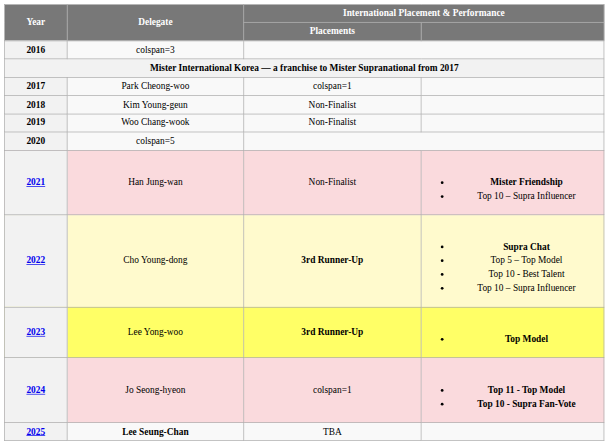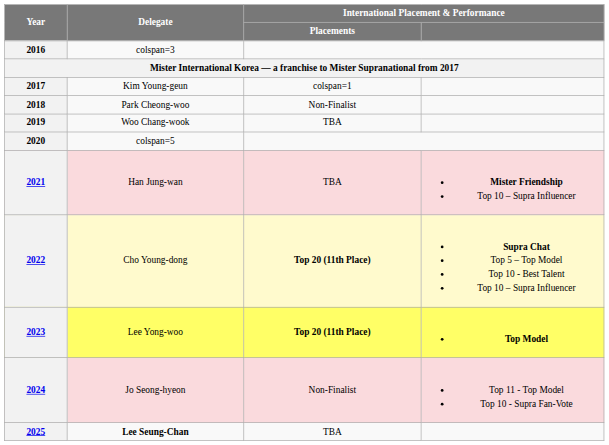 <table class="wikitable" style="text-align:center; line-height:20px; font-size:85%;">
 <tr>
 <th rowspan="2"  width=100px style="background-color:#787878;color:#FFFFFF;">Year</th>
 <th rowspan="2"  width=300px style="background-color:#787878;color:#FFFFFF;">Delegate</th>
 <th colspan="2"  width=100px style="background-color:#787878;color:#FFFFFF;">International Placement & Performance</th>
 </tr>
 <tr>
 <th width=300px style="background-color:#787878;color:#FFFFFF;">Placements</th>
 <th width=300px style="background-color:#787878;color:#FFFFFF;"></th>
 </tr>
 <tr>
 <th>2016</th>
 <td>colspan=3 </td>
 </tr>
 <tr>
 <th colspan="4">Mister International Korea — a franchise to Mister Supranational from 2017</th>
 </tr>
 <tr>
 <th>2017</th>
-<td>Park Cheong-woo</td>
+<td>Kim Young-geun</td>
 <td>colspan=1 </td>
 </tr>
 <tr>
 <th>2018</th>
-<td>Kim Young-geun</td>
+<td>Park Cheong-woo</td>
 <td>Non-Finalist</td>
 <td></td>
 </tr>
 <tr>
 <th>2019</th>
 <td>Woo Chang-wook</td>
-<td>Non-Finalist</td>
+<td>TBA</td>
 <td></td>
 </tr>
 <tr>
 <th>2020</th>
 <td>colspan=5 </td>
 </tr>
 <tr style="background-color:#FADADD;">
 <th><a href='#'>2021</a></th>
 <td>Han Jung-wan</td>
-<td>Non-Finalist</td>
+<td>TBA</td>
 <td><br><ul><li><strong>Mister Friendship</strong></li><li>Top 10 – Supra Influencer</li></ul></td>
 </tr>
 <tr style="background-color:#FFFACD">
 <th><a href='#'>2022</a></th>
 <td>Cho Young-dong</td>
-<td><strong>3rd Runner-Up</strong></td>
+<td><strong>Top 20 (11th Place)</strong></td>
 <td><br><ul><li><strong>Supra Chat</strong></li><li>Top 5 – Top Model</li><li>Top 10 - Best Talent</li><li>Top 10 – Supra Influencer</li></ul></td>
 </tr>
 <tr style="background-color:#FFFF66;">
 <th><a href='#'>2023</a></th>
 <td>Lee Yong-woo</td>
-<td><strong>3rd Runner-Up</strong></td>
+<td><strong>Top 20 (11th Place)</strong></td>
 <td><br><ul><li><strong>Top Model</strong></li></ul></td>
 </tr>
 <tr style="background-color:#FADADD;">
 <th><a href='#'>2024</a></th>
 <td>Jo Seong-hyeon</td>
-<td>colspan=1 </td>
-<td><strong><br><ul><li>Top 11 -  Top Model</li><li>Top 10 -  Supra Fan-Vote</li></ul></strong></td>
+<td>Non-Finalist</td>
+<td><br><ul><li>Top 11 -  Top Model</li><li>Top 10 -  Supra Fan-Vote</li></ul></td>
 </tr>
 <tr>
 <th><a href='#'>2025</a></th>
 <td><strong>Lee Seung-Chan</strong></td>
 <td>TBA</td>
 <td></td>
 </tr>
 </table>
